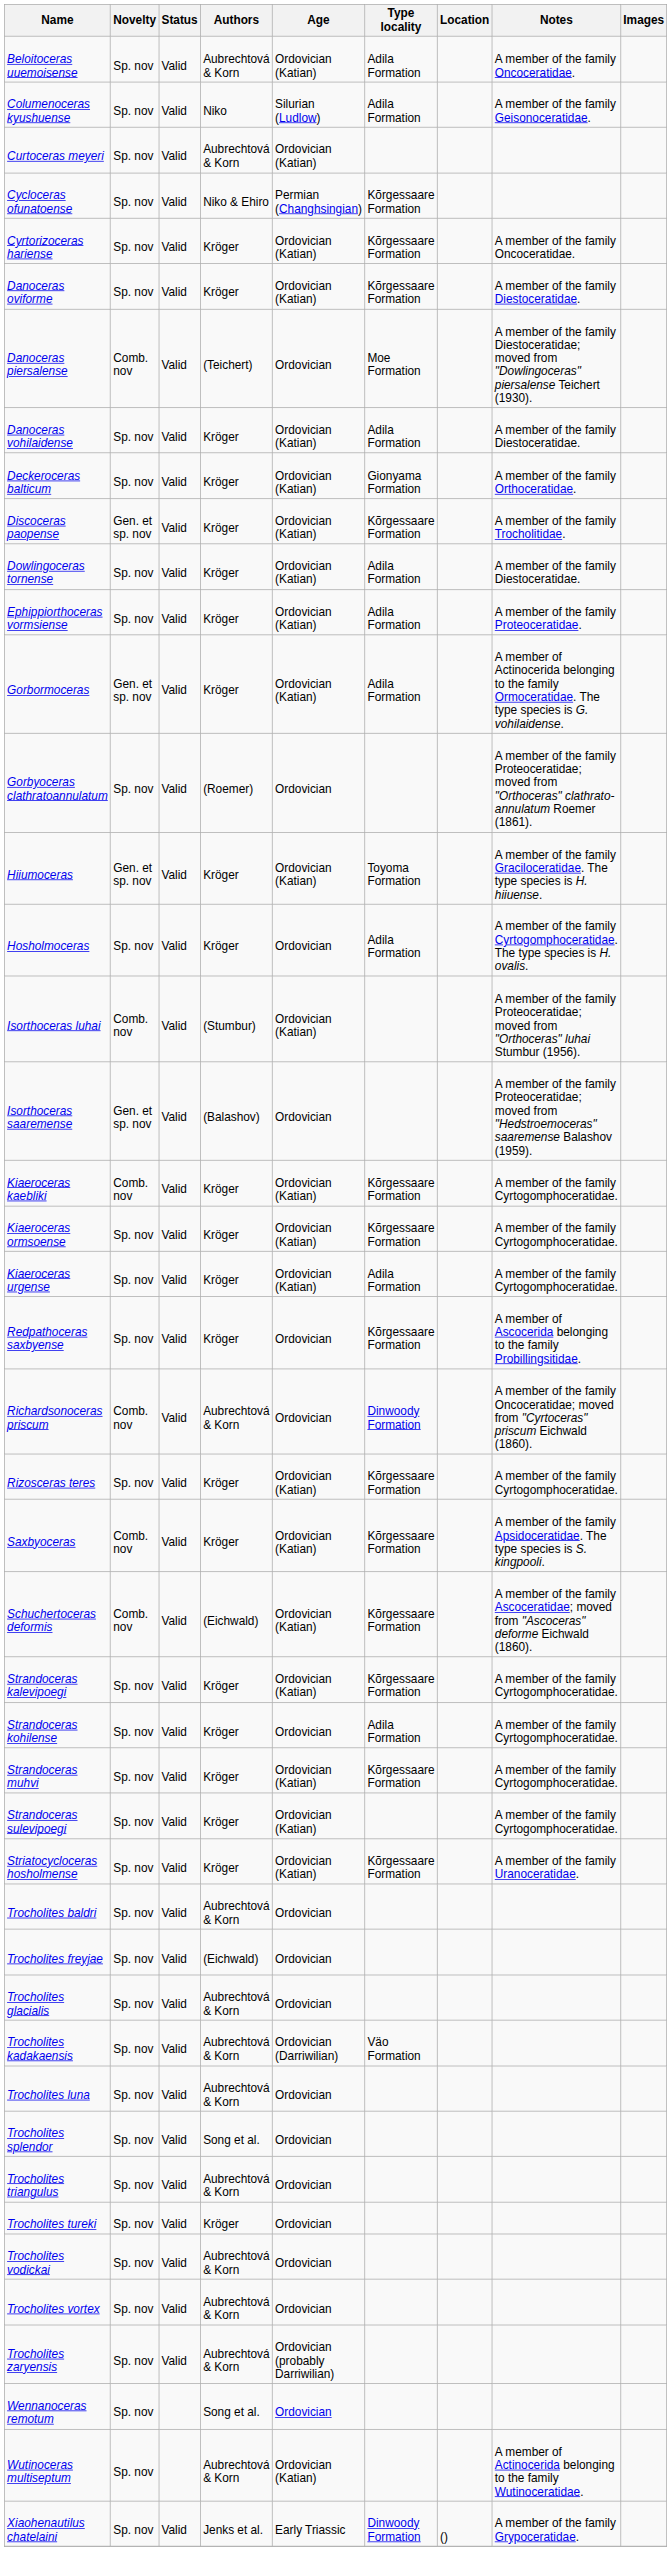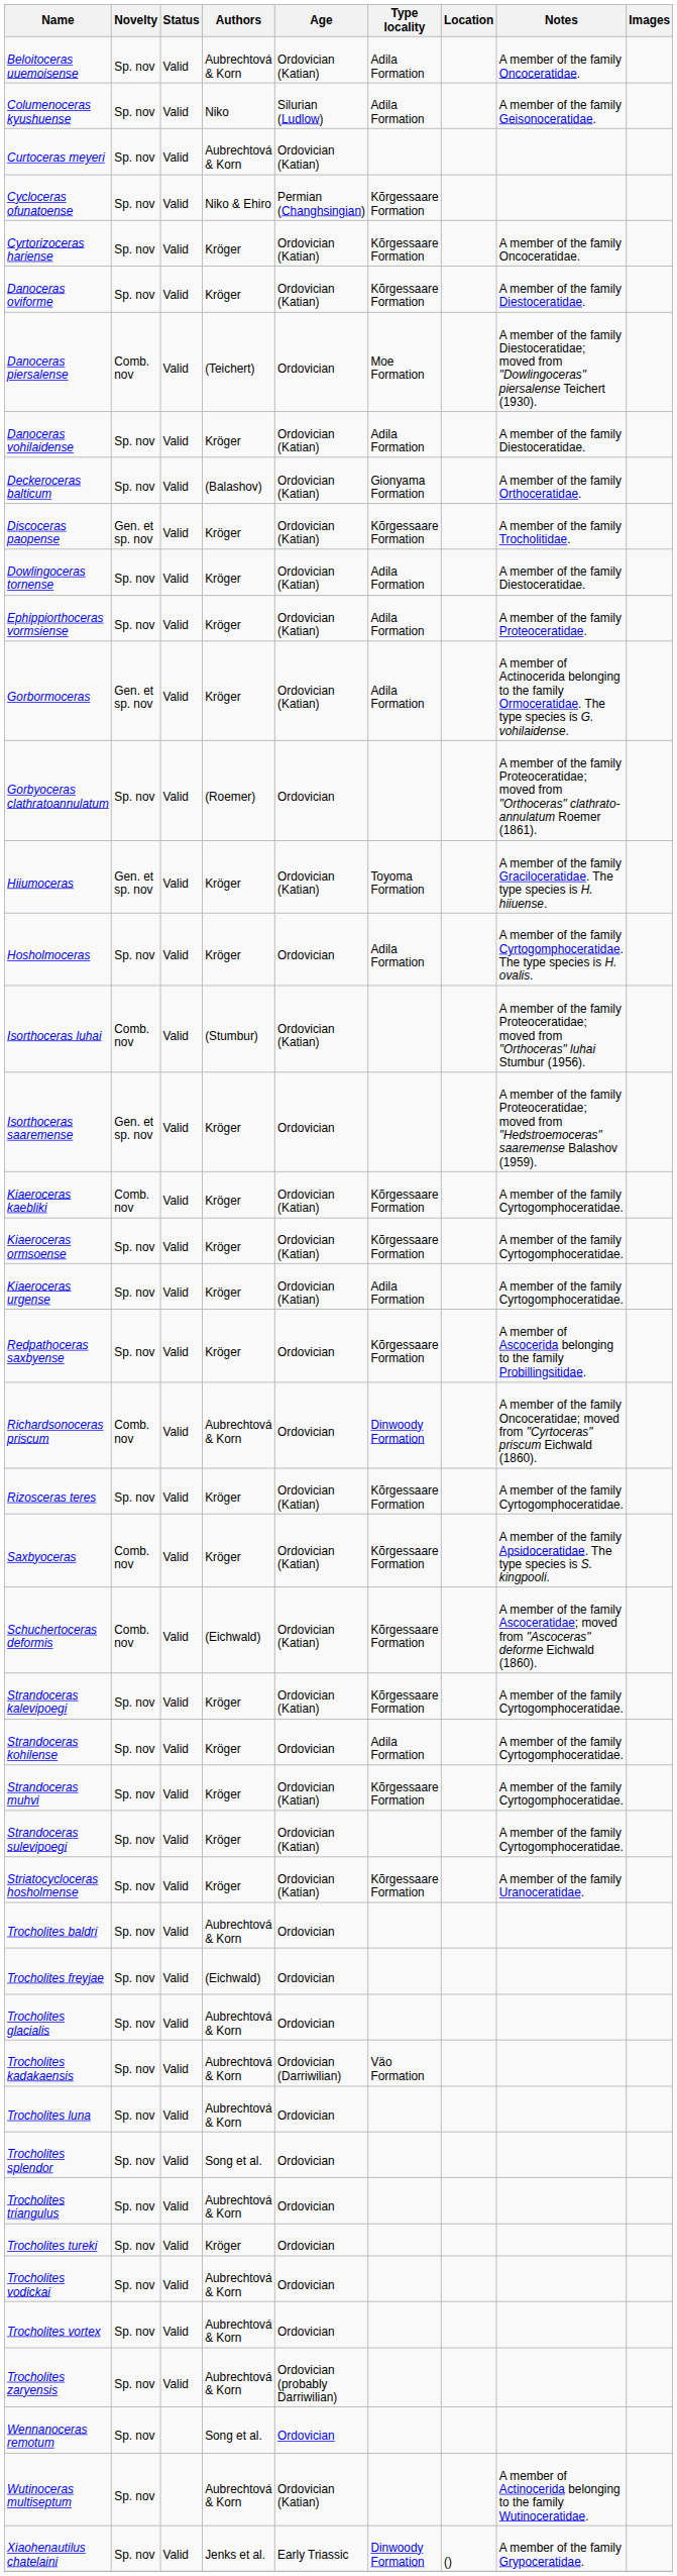 <table class="wikitable sortable" align="center" width="100%">
 <tr>
 <th>Name</th>
 <th>Novelty</th>
 <th>Status</th>
 <th>Authors</th>
 <th>Age</th>
 <th>Type locality</th>
 <th>Location</th>
 <th>Notes</th>
 <th>Images</th>
 </tr>
 <tr>
 <td><br><em><a href='#'>Beloitoceras uuemoisense</a></em></td>
 <td><br>Sp. nov</td>
 <td><br>Valid</td>
 <td><br>Aubrechtová & Korn</td>
 <td><br>Ordovician (Katian)</td>
 <td><br>Adila Formation</td>
 <td><br></td>
 <td><br>A member of the family <a href='#'>Oncoceratidae</a>.</td>
 <td></td>
 </tr>
 <tr>
 <td><br><em><a href='#'>Columenoceras kyushuense</a></em></td>
 <td><br>Sp. nov</td>
 <td><br>Valid</td>
 <td><br>Niko</td>
 <td><br>Silurian (<a href='#'>Ludlow</a>)</td>
 <td><br>Adila Formation</td>
 <td><br></td>
 <td><br>A member of the family <a href='#'>Geisonoceratidae</a>.</td>
 <td></td>
 </tr>
 <tr>
 <td><br><em><a href='#'>Curtoceras meyeri</a></em></td>
 <td><br>Sp. nov</td>
 <td><br>Valid</td>
 <td><br>Aubrechtová & Korn</td>
 <td><br>Ordovician (Katian)</td>
 <td></td>
 <td><br></td>
 <td></td>
 <td></td>
 </tr>
 <tr>
 <td><br><em><a href='#'>Cycloceras ofunatoense</a></em></td>
 <td><br>Sp. nov</td>
 <td><br>Valid</td>
 <td><br>Niko & Ehiro</td>
 <td><br>Permian (<a href='#'>Changhsingian</a>)</td>
 <td><br>Kõrgessaare Formation</td>
 <td><br></td>
 <td></td>
 <td></td>
 </tr>
 <tr>
 <td><br><em><a href='#'>Cyrtorizoceras hariense</a></em></td>
 <td><br>Sp. nov</td>
 <td><br>Valid</td>
 <td><br>Kröger</td>
 <td><br>Ordovician (Katian)</td>
 <td><br>Kõrgessaare Formation</td>
 <td><br></td>
 <td><br>A member of the family Oncoceratidae.</td>
 <td></td>
 </tr>
 <tr>
 <td><br><em><a href='#'>Danoceras oviforme</a></em></td>
 <td><br>Sp. nov</td>
 <td><br>Valid</td>
 <td><br>Kröger</td>
 <td><br>Ordovician (Katian)</td>
 <td><br>Kõrgessaare Formation</td>
 <td><br></td>
 <td><br>A member of the family <a href='#'>Diestoceratidae</a>.</td>
 <td></td>
 </tr>
 <tr>
 <td><br><em><a href='#'>Danoceras piersalense</a></em></td>
 <td><br>Comb. nov</td>
 <td><br>Valid</td>
 <td><br>(Teichert)</td>
 <td><br>Ordovician</td>
 <td><br>Moe Formation</td>
 <td><br></td>
 <td><br>A member of the family Diestoceratidae; moved from <em>"Dowlingoceras" piersalense</em> Teichert (1930).</td>
 <td></td>
 </tr>
 <tr>
 <td><br><em><a href='#'>Danoceras vohilaidense</a></em></td>
 <td><br>Sp. nov</td>
 <td><br>Valid</td>
 <td><br>Kröger</td>
 <td><br>Ordovician (Katian)</td>
 <td><br>Adila Formation</td>
 <td><br></td>
 <td><br>A member of the family Diestoceratidae.</td>
 <td></td>
 </tr>
 <tr>
 <td><br><em><a href='#'>Deckeroceras balticum</a></em></td>
 <td><br>Sp. nov</td>
 <td><br>Valid</td>
-<td><br>Kröger</td>
+<td><br>(Balashov)</td>
 <td><br>Ordovician (Katian)</td>
 <td><br>Gionyama Formation</td>
 <td><br></td>
 <td><br>A member of the family <a href='#'>Orthoceratidae</a>.</td>
 <td></td>
 </tr>
 <tr>
 <td><br><em><a href='#'>Discoceras paopense</a></em></td>
 <td><br>Gen. et sp. nov</td>
 <td><br>Valid</td>
 <td><br>Kröger</td>
 <td><br>Ordovician (Katian)</td>
 <td><br>Kõrgessaare Formation</td>
 <td><br></td>
 <td><br>A member of the family <a href='#'>Trocholitidae</a>.</td>
 <td></td>
 </tr>
 <tr>
 <td><br><em><a href='#'>Dowlingoceras tornense</a></em></td>
 <td><br>Sp. nov</td>
 <td><br>Valid</td>
 <td><br>Kröger</td>
 <td><br>Ordovician (Katian)</td>
 <td><br>Adila Formation</td>
 <td><br></td>
 <td><br>A member of the family Diestoceratidae.</td>
 <td></td>
 </tr>
 <tr>
 <td><br><em><a href='#'>Ephippiorthoceras vormsiense</a></em></td>
 <td><br>Sp. nov</td>
 <td><br>Valid</td>
 <td><br>Kröger</td>
 <td><br>Ordovician (Katian)</td>
 <td><br>Adila Formation</td>
 <td><br></td>
 <td><br>A member of the family <a href='#'>Proteoceratidae</a>.</td>
 <td></td>
 </tr>
 <tr>
 <td><br><em><a href='#'>Gorbormoceras</a></em></td>
 <td><br>Gen. et sp. nov</td>
 <td><br>Valid</td>
 <td><br>Kröger</td>
 <td><br>Ordovician (Katian)</td>
 <td><br>Adila Formation</td>
 <td><br></td>
 <td><br>A member of Actinocerida belonging to the family <a href='#'>Ormoceratidae</a>. The type species is <em>G. vohilaidense</em>.</td>
 <td></td>
 </tr>
 <tr>
 <td><br><em><a href='#'>Gorbyoceras clathratoannulatum</a></em></td>
 <td><br>Sp. nov</td>
 <td><br>Valid</td>
 <td><br>(Roemer)</td>
 <td><br>Ordovician</td>
 <td></td>
 <td><br></td>
 <td><br>A member of the family Proteoceratidae; moved from <em>"Orthoceras" clathrato-annulatum</em> Roemer (1861).</td>
 <td></td>
 </tr>
 <tr>
 <td><br><em><a href='#'>Hiiumoceras</a></em></td>
 <td><br>Gen. et sp. nov</td>
 <td><br>Valid</td>
 <td><br>Kröger</td>
 <td><br>Ordovician (Katian)</td>
 <td><br>Toyoma Formation</td>
 <td><br></td>
 <td><br>A member of the family <a href='#'>Graciloceratidae</a>. The type species is <em>H. hiiuense</em>.</td>
 <td></td>
 </tr>
 <tr>
 <td><br><em><a href='#'>Hosholmoceras</a></em></td>
 <td><br>Sp. nov</td>
 <td><br>Valid</td>
 <td><br>Kröger</td>
 <td><br>Ordovician</td>
 <td><br>Adila Formation</td>
 <td><br></td>
 <td><br>A member of the family <a href='#'>Cyrtogomphoceratidae</a>. The type species is <em>H. ovalis</em>.</td>
 <td></td>
 </tr>
 <tr>
 <td><br><em><a href='#'>Isorthoceras luhai</a></em></td>
 <td><br>Comb. nov</td>
 <td><br>Valid</td>
 <td><br>(Stumbur)</td>
 <td><br>Ordovician (Katian)</td>
 <td></td>
 <td><br></td>
 <td><br>A member of the family Proteoceratidae; moved from <em>"Orthoceras" luhai</em> Stumbur (1956).</td>
 <td></td>
 </tr>
 <tr>
 <td><br><em><a href='#'>Isorthoceras saaremense</a></em></td>
 <td><br>Gen. et sp. nov</td>
 <td><br>Valid</td>
-<td><br>(Balashov)</td>
+<td><br>Kröger</td>
 <td><br>Ordovician</td>
 <td></td>
 <td><br></td>
 <td><br>A member of the family Proteoceratidae; moved from <em>"Hedstroemoceras" saaremense</em> Balashov (1959).</td>
 <td></td>
 </tr>
 <tr>
 <td><br><em><a href='#'>Kiaeroceras kaebliki</a></em></td>
 <td><br>Comb. nov</td>
 <td><br>Valid</td>
 <td><br>Kröger</td>
 <td><br>Ordovician (Katian)</td>
 <td><br>Kõrgessaare Formation</td>
 <td><br></td>
 <td><br>A member of the family Cyrtogomphoceratidae.</td>
 <td></td>
 </tr>
 <tr>
 <td><br><em><a href='#'>Kiaeroceras ormsoense</a></em></td>
 <td><br>Sp. nov</td>
 <td><br>Valid</td>
 <td><br>Kröger</td>
 <td><br>Ordovician (Katian)</td>
 <td><br>Kõrgessaare Formation</td>
 <td><br></td>
 <td><br>A member of the family Cyrtogomphoceratidae.</td>
 <td></td>
 </tr>
 <tr>
 <td><br><em><a href='#'>Kiaeroceras urgense</a></em></td>
 <td><br>Sp. nov</td>
 <td><br>Valid</td>
 <td><br>Kröger</td>
 <td><br>Ordovician (Katian)</td>
 <td><br>Adila Formation</td>
 <td><br></td>
 <td><br>A member of the family Cyrtogomphoceratidae.</td>
 <td></td>
 </tr>
 <tr>
 <td><br><em><a href='#'>Redpathoceras saxbyense</a></em></td>
 <td><br>Sp. nov</td>
 <td><br>Valid</td>
 <td><br>Kröger</td>
 <td><br>Ordovician</td>
 <td><br>Kõrgessaare Formation</td>
 <td><br></td>
 <td><br>A member of <a href='#'>Ascocerida</a> belonging to the family <a href='#'>Probillingsitidae</a>.</td>
 <td></td>
 </tr>
 <tr>
 <td><br><em><a href='#'>Richardsonoceras priscum</a></em></td>
 <td><br>Comb. nov</td>
 <td><br>Valid</td>
 <td><br>Aubrechtová & Korn</td>
 <td><br>Ordovician</td>
 <td><br><a href='#'>Dinwoody Formation</a></td>
 <td><br></td>
 <td><br>A member of the family Oncoceratidae; moved from <em>"Cyrtoceras" priscum</em> Eichwald (1860).</td>
 <td></td>
 </tr>
 <tr>
 <td><br><em><a href='#'>Rizosceras teres</a></em></td>
 <td><br>Sp. nov</td>
 <td><br>Valid</td>
 <td><br>Kröger</td>
 <td><br>Ordovician (Katian)</td>
 <td><br>Kõrgessaare Formation</td>
 <td><br></td>
 <td><br>A member of the family Cyrtogomphoceratidae.</td>
 <td></td>
 </tr>
 <tr>
 <td><br><em><a href='#'>Saxbyoceras</a></em></td>
 <td><br>Comb. nov</td>
 <td><br>Valid</td>
 <td><br>Kröger</td>
 <td><br>Ordovician (Katian)</td>
 <td><br>Kõrgessaare Formation</td>
 <td><br></td>
 <td><br>A member of the family <a href='#'>Apsidoceratidae</a>. The type species is <em>S. kingpooli</em>.</td>
 <td></td>
 </tr>
 <tr>
 <td><br><em><a href='#'>Schuchertoceras deformis</a></em></td>
 <td><br>Comb. nov</td>
 <td><br>Valid</td>
 <td><br>(Eichwald)</td>
 <td><br>Ordovician (Katian)</td>
 <td><br>Kõrgessaare Formation</td>
 <td><br></td>
 <td><br>A member of the family <a href='#'>Ascoceratidae</a>; moved from <em>"Ascoceras" deforme</em> Eichwald (1860).</td>
 <td></td>
 </tr>
 <tr>
 <td><br><em><a href='#'>Strandoceras kalevipoegi</a></em></td>
 <td><br>Sp. nov</td>
 <td><br>Valid</td>
 <td><br>Kröger</td>
 <td><br>Ordovician (Katian)</td>
 <td><br>Kõrgessaare Formation</td>
 <td><br></td>
 <td><br>A member of the family Cyrtogomphoceratidae.</td>
 <td></td>
 </tr>
 <tr>
 <td><br><em><a href='#'>Strandoceras kohilense</a></em></td>
 <td><br>Sp. nov</td>
 <td><br>Valid</td>
 <td><br>Kröger</td>
 <td><br>Ordovician</td>
 <td><br>Adila Formation</td>
 <td><br></td>
 <td><br>A member of the family Cyrtogomphoceratidae.</td>
 <td></td>
 </tr>
 <tr>
 <td><br><em><a href='#'>Strandoceras muhvi</a></em></td>
 <td><br>Sp. nov</td>
 <td><br>Valid</td>
 <td><br>Kröger</td>
 <td><br>Ordovician (Katian)</td>
 <td><br>Kõrgessaare Formation</td>
 <td><br></td>
 <td><br>A member of the family Cyrtogomphoceratidae.</td>
 <td></td>
 </tr>
 <tr>
 <td><br><em><a href='#'>Strandoceras sulevipoegi</a></em></td>
 <td><br>Sp. nov</td>
 <td><br>Valid</td>
 <td><br>Kröger</td>
 <td><br>Ordovician (Katian)</td>
 <td></td>
 <td><br></td>
 <td><br>A member of the family Cyrtogomphoceratidae.</td>
 <td></td>
 </tr>
 <tr>
 <td><br><em><a href='#'>Striatocycloceras hosholmense</a></em></td>
 <td><br>Sp. nov</td>
 <td><br>Valid</td>
 <td><br>Kröger</td>
 <td><br>Ordovician (Katian)</td>
 <td><br>Kõrgessaare Formation</td>
 <td><br></td>
 <td><br>A member of the family <a href='#'>Uranoceratidae</a>.</td>
 <td></td>
 </tr>
 <tr>
 <td><br><em><a href='#'>Trocholites baldri</a></em></td>
 <td><br>Sp. nov</td>
 <td><br>Valid</td>
 <td><br>Aubrechtová & Korn</td>
 <td><br>Ordovician</td>
 <td></td>
 <td><br></td>
 <td></td>
 <td></td>
 </tr>
 <tr>
 <td><br><em><a href='#'>Trocholites freyjae</a></em></td>
 <td><br>Sp. nov</td>
 <td><br>Valid</td>
 <td><br>(Eichwald)</td>
 <td><br>Ordovician</td>
 <td></td>
 <td><br><br> <br> </td>
 <td></td>
 <td></td>
 </tr>
 <tr>
 <td><br><em><a href='#'>Trocholites glacialis</a></em></td>
 <td><br>Sp. nov</td>
 <td><br>Valid</td>
 <td><br>Aubrechtová & Korn</td>
 <td><br>Ordovician</td>
 <td></td>
 <td><br><br> </td>
 <td></td>
 <td></td>
 </tr>
 <tr>
 <td><br><em><a href='#'>Trocholites kadakaensis</a></em></td>
 <td><br>Sp. nov</td>
 <td><br>Valid</td>
 <td><br>Aubrechtová & Korn</td>
 <td><br>Ordovician (Darriwilian)</td>
 <td><br>Väo Formation</td>
 <td><br></td>
 <td></td>
 <td></td>
 </tr>
 <tr>
 <td><br><em><a href='#'>Trocholites luna</a></em></td>
 <td><br>Sp. nov</td>
 <td><br>Valid</td>
 <td><br>Aubrechtová & Korn</td>
 <td><br>Ordovician</td>
 <td></td>
 <td><br></td>
 <td></td>
 <td></td>
 </tr>
 <tr>
 <td><br><em><a href='#'>Trocholites splendor</a></em></td>
 <td><br>Sp. nov</td>
 <td><br>Valid</td>
 <td><br>Song et al.</td>
 <td><br>Ordovician</td>
 <td></td>
 <td><br></td>
 <td></td>
 <td></td>
 </tr>
 <tr>
 <td><br><em><a href='#'>Trocholites triangulus</a></em></td>
 <td><br>Sp. nov</td>
 <td><br>Valid</td>
 <td><br>Aubrechtová & Korn</td>
 <td><br>Ordovician</td>
 <td></td>
 <td><br></td>
 <td></td>
 <td></td>
 </tr>
 <tr>
 <td><br><em><a href='#'>Trocholites tureki</a></em></td>
 <td><br>Sp. nov</td>
 <td><br>Valid</td>
 <td><br>Kröger</td>
 <td><br>Ordovician</td>
 <td></td>
 <td><br><br> </td>
 <td></td>
 <td></td>
 </tr>
 <tr>
 <td><br><em><a href='#'>Trocholites vodickai</a></em></td>
 <td><br>Sp. nov</td>
 <td><br>Valid</td>
 <td><br>Aubrechtová & Korn</td>
 <td><br>Ordovician</td>
 <td></td>
 <td><br><br> </td>
 <td></td>
 <td></td>
 </tr>
 <tr>
 <td><br><em><a href='#'>Trocholites vortex</a></em></td>
 <td><br>Sp. nov</td>
 <td><br>Valid</td>
 <td><br>Aubrechtová & Korn</td>
 <td><br>Ordovician</td>
 <td></td>
 <td><br></td>
 <td></td>
 <td></td>
 </tr>
 <tr>
 <td><br><em><a href='#'>Trocholites zaryensis</a></em></td>
 <td><br>Sp. nov</td>
 <td><br>Valid</td>
 <td><br>Aubrechtová & Korn</td>
 <td><br>Ordovician (probably Darriwilian)</td>
 <td></td>
 <td><br></td>
 <td></td>
 <td></td>
 </tr>
 <tr>
 <td><br><em><a href='#'>Wennanoceras remotum</a></em></td>
 <td><br>Sp. nov</td>
 <td></td>
 <td><br>Song et al.</td>
 <td><br><a href='#'>Ordovician</a></td>
 <td></td>
 <td><br></td>
 <td></td>
 <td></td>
 </tr>
 <tr>
 <td><br><em><a href='#'>Wutinoceras multiseptum</a></em></td>
 <td><br>Sp. nov</td>
 <td></td>
 <td><br>Aubrechtová & Korn</td>
 <td><br>Ordovician (Katian)</td>
 <td></td>
 <td><br></td>
 <td><br>A member of <a href='#'>Actinocerida</a> belonging to the family <a href='#'>Wutinoceratidae</a>.</td>
 <td></td>
 </tr>
 <tr>
 <td><br><em><a href='#'>Xiaohenautilus chatelaini</a></em></td>
 <td><br>Sp. nov</td>
 <td><br>Valid</td>
 <td><br>Jenks et al.</td>
 <td><br>Early Triassic</td>
 <td><br><a href='#'>Dinwoody Formation</a></td>
 <td><br><br>()</td>
 <td><br>A member of the family <a href='#'>Grypoceratidae</a>.</td>
 <td></td>
 </tr>
 <tr>
 </tr>
 </table>
